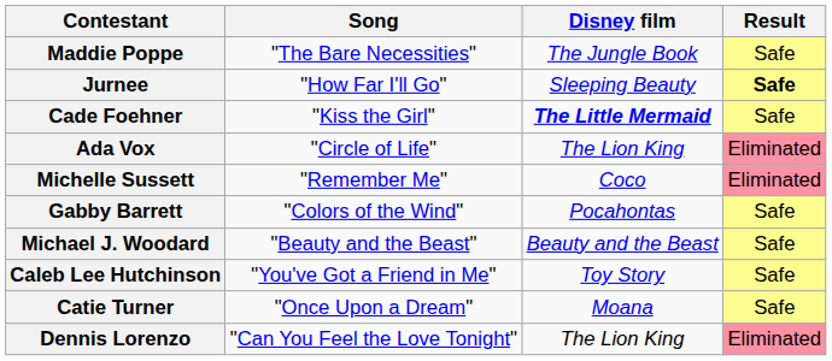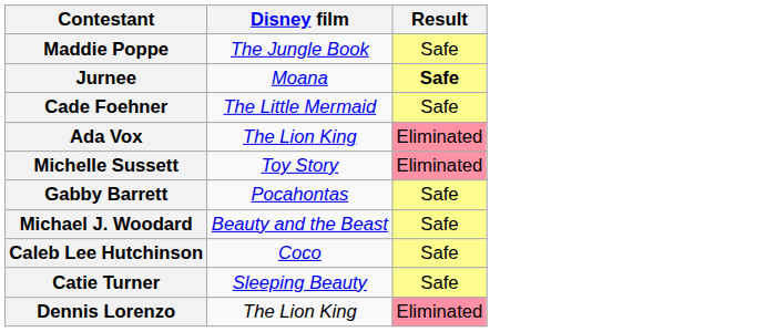 <table class="wikitable unsortable" style="text-align:center;">
 <tr>
 <th scope="col">Contestant</th>
-<th scope="col">Song</th>
 <th scope="col"><a href='#'>Disney</a> film</th>
 <th scope="col">Result</th>
 </tr>
 <tr>
 <th scope="row">Maddie Poppe</th>
-<td>"<a href='#'>The Bare Necessities</a>"</td>
 <td><em><a href='#'>The Jungle Book</a></em></td>
 <td style="background:#FDFC8F;">Safe</td>
 </tr>
 <tr>
 <th scope="row">Jurnee</th>
-<td>"<a href='#'>How Far I'll Go</a>"</td>
-<td><em><a href='#'>Sleeping Beauty</a></em></td>
+<td><em><a href='#'>Moana</a></em></td>
 <td style="background:#FDFC8F;"><strong>Safe</strong></td>
 </tr>
 <tr>
 <th scope="row">Cade Foehner</th>
-<td>"<a href='#'>Kiss the Girl</a>"</td>
-<td><strong><em><a href='#'>The Little Mermaid</a></em></strong></td>
+<td><em><a href='#'>The Little Mermaid</a></em></td>
 <td style="background:#FDFC8F;">Safe</td>
 </tr>
 <tr>
 <th scope="row">Ada Vox</th>
-<td>"<a href='#'>Circle of Life</a>"</td>
 <td><em><a href='#'>The Lion King</a></em></td>
 <td bgcolor="FF91A4">Eliminated</td>
 </tr>
 <tr>
 <th scope="row">Michelle Sussett</th>
-<td>"<a href='#'>Remember Me</a>"</td>
-<td><em><a href='#'>Coco</a></em></td>
+<td><em><a href='#'>Toy Story</a></em></td>
 <td bgcolor="FF91A4">Eliminated</td>
 </tr>
 <tr>
 <th scope="row">Gabby Barrett</th>
-<td>"<a href='#'>Colors of the Wind</a>"</td>
 <td><em><a href='#'>Pocahontas</a></em></td>
 <td style="background:#FDFC8F;">Safe</td>
 </tr>
 <tr>
 <th scope="row">Michael J. Woodard</th>
-<td>"<a href='#'>Beauty and the Beast</a>"</td>
 <td><em><a href='#'>Beauty and the Beast</a></em></td>
 <td style="background:#FDFC8F;">Safe</td>
 </tr>
 <tr>
 <th scope="row">Caleb Lee Hutchinson</th>
-<td>"<a href='#'>You've Got a Friend in Me</a>"</td>
-<td><em><a href='#'>Toy Story</a></em></td>
+<td><em><a href='#'>Coco</a></em></td>
 <td style="background:#FDFC8F;">Safe</td>
 </tr>
 <tr>
 <th scope="row">Catie Turner</th>
-<td>"<a href='#'>Once Upon a Dream</a>"</td>
-<td><em><a href='#'>Moana</a></em></td>
+<td><em><a href='#'>Sleeping Beauty</a></em></td>
 <td style="background:#FDFC8F;">Safe</td>
 </tr>
 <tr>
 <th scope="row">Dennis Lorenzo</th>
-<td>"<a href='#'>Can You Feel the Love Tonight</a>"</td>
 <td><em>The Lion King</em></td>
 <td bgcolor="FF91A4">Eliminated</td>
 </tr>
 </table>
